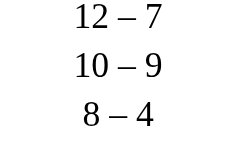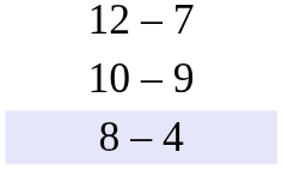 <table style="text-align:center">
 <tr>
 <th width=200></th>
 <th width=100></th>
 <th width=200></th>
 </tr>
 <tr>
 <td align=right><strong></strong></td>
 <td>12 – 7</td>
 <td align=left></td>
 </tr>
 <tr>
 <td align=right><strong></strong></td>
 <td>10 – 9</td>
 <td align=left></td>
 </tr>
 <tr>
 <td align=right><strong></strong></td>
-<td>8 – 4</td>
+<td style="background: lavender;">8 – 4</td>
 <td align=left></td>
 </tr>
 </table>
